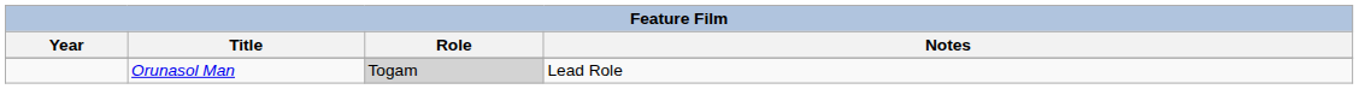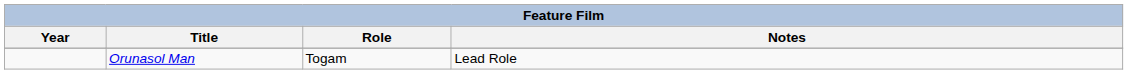 <table class="wikitable" style="font-size: 90%;">
 <tr>
 <th colspan="4" style="background: LightSteelBlue;">Feature Film</th>
 </tr>
 <tr>
 <th style="width:100px;">Year</th>
 <th style="width:200px;">Title</th>
 <th style="width:150px;">Role</th>
 <th style="width:700px;">Notes</th>
 </tr>
 <tr>
 </tr>
 <tr>
 <td></td>
 <td><em><a href='#'>Orunasol Man</a></em></td>
-<td style="background: lightgrey;">Togam</td>
+<td>Togam</td>
 <td>Lead Role</td>
 </tr>
 </table>
